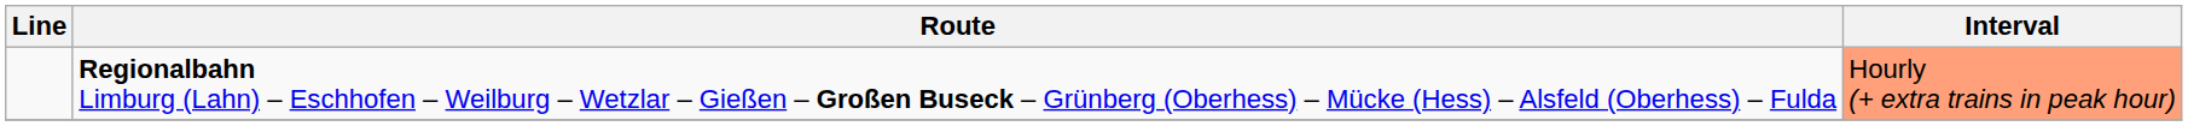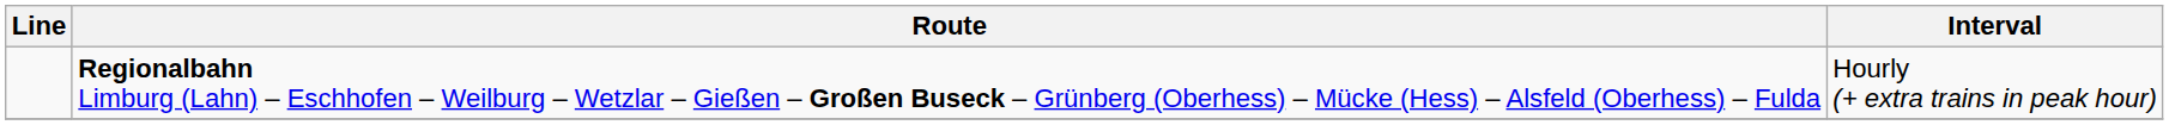 <table class="wikitable">
 <tr>
 <th>Line</th>
 <th>Route</th>
 <th>Interval</th>
 </tr>
 <tr>
 <td></td>
 <td><strong>Regionalbahn</strong><br><a href='#'>Limburg (Lahn)</a> – <a href='#'>Eschhofen</a> – <a href='#'>Weilburg</a> – <a href='#'>Wetzlar</a> – <a href='#'>Gießen</a> – <strong>Großen Buseck</strong> – <a href='#'>Grünberg (Oberhess)</a> – <a href='#'>Mücke (Hess)</a> – <a href='#'>Alsfeld (Oberhess)</a> – <a href='#'>Fulda</a></td>
-<td style="background: lightsalmon;">Hourly<br> <em>(+ extra trains in peak hour)</em></td>
+<td>Hourly<br> <em>(+ extra trains in peak hour)</em></td>
 </tr>
 <tr>
 </tr>
 </table>
